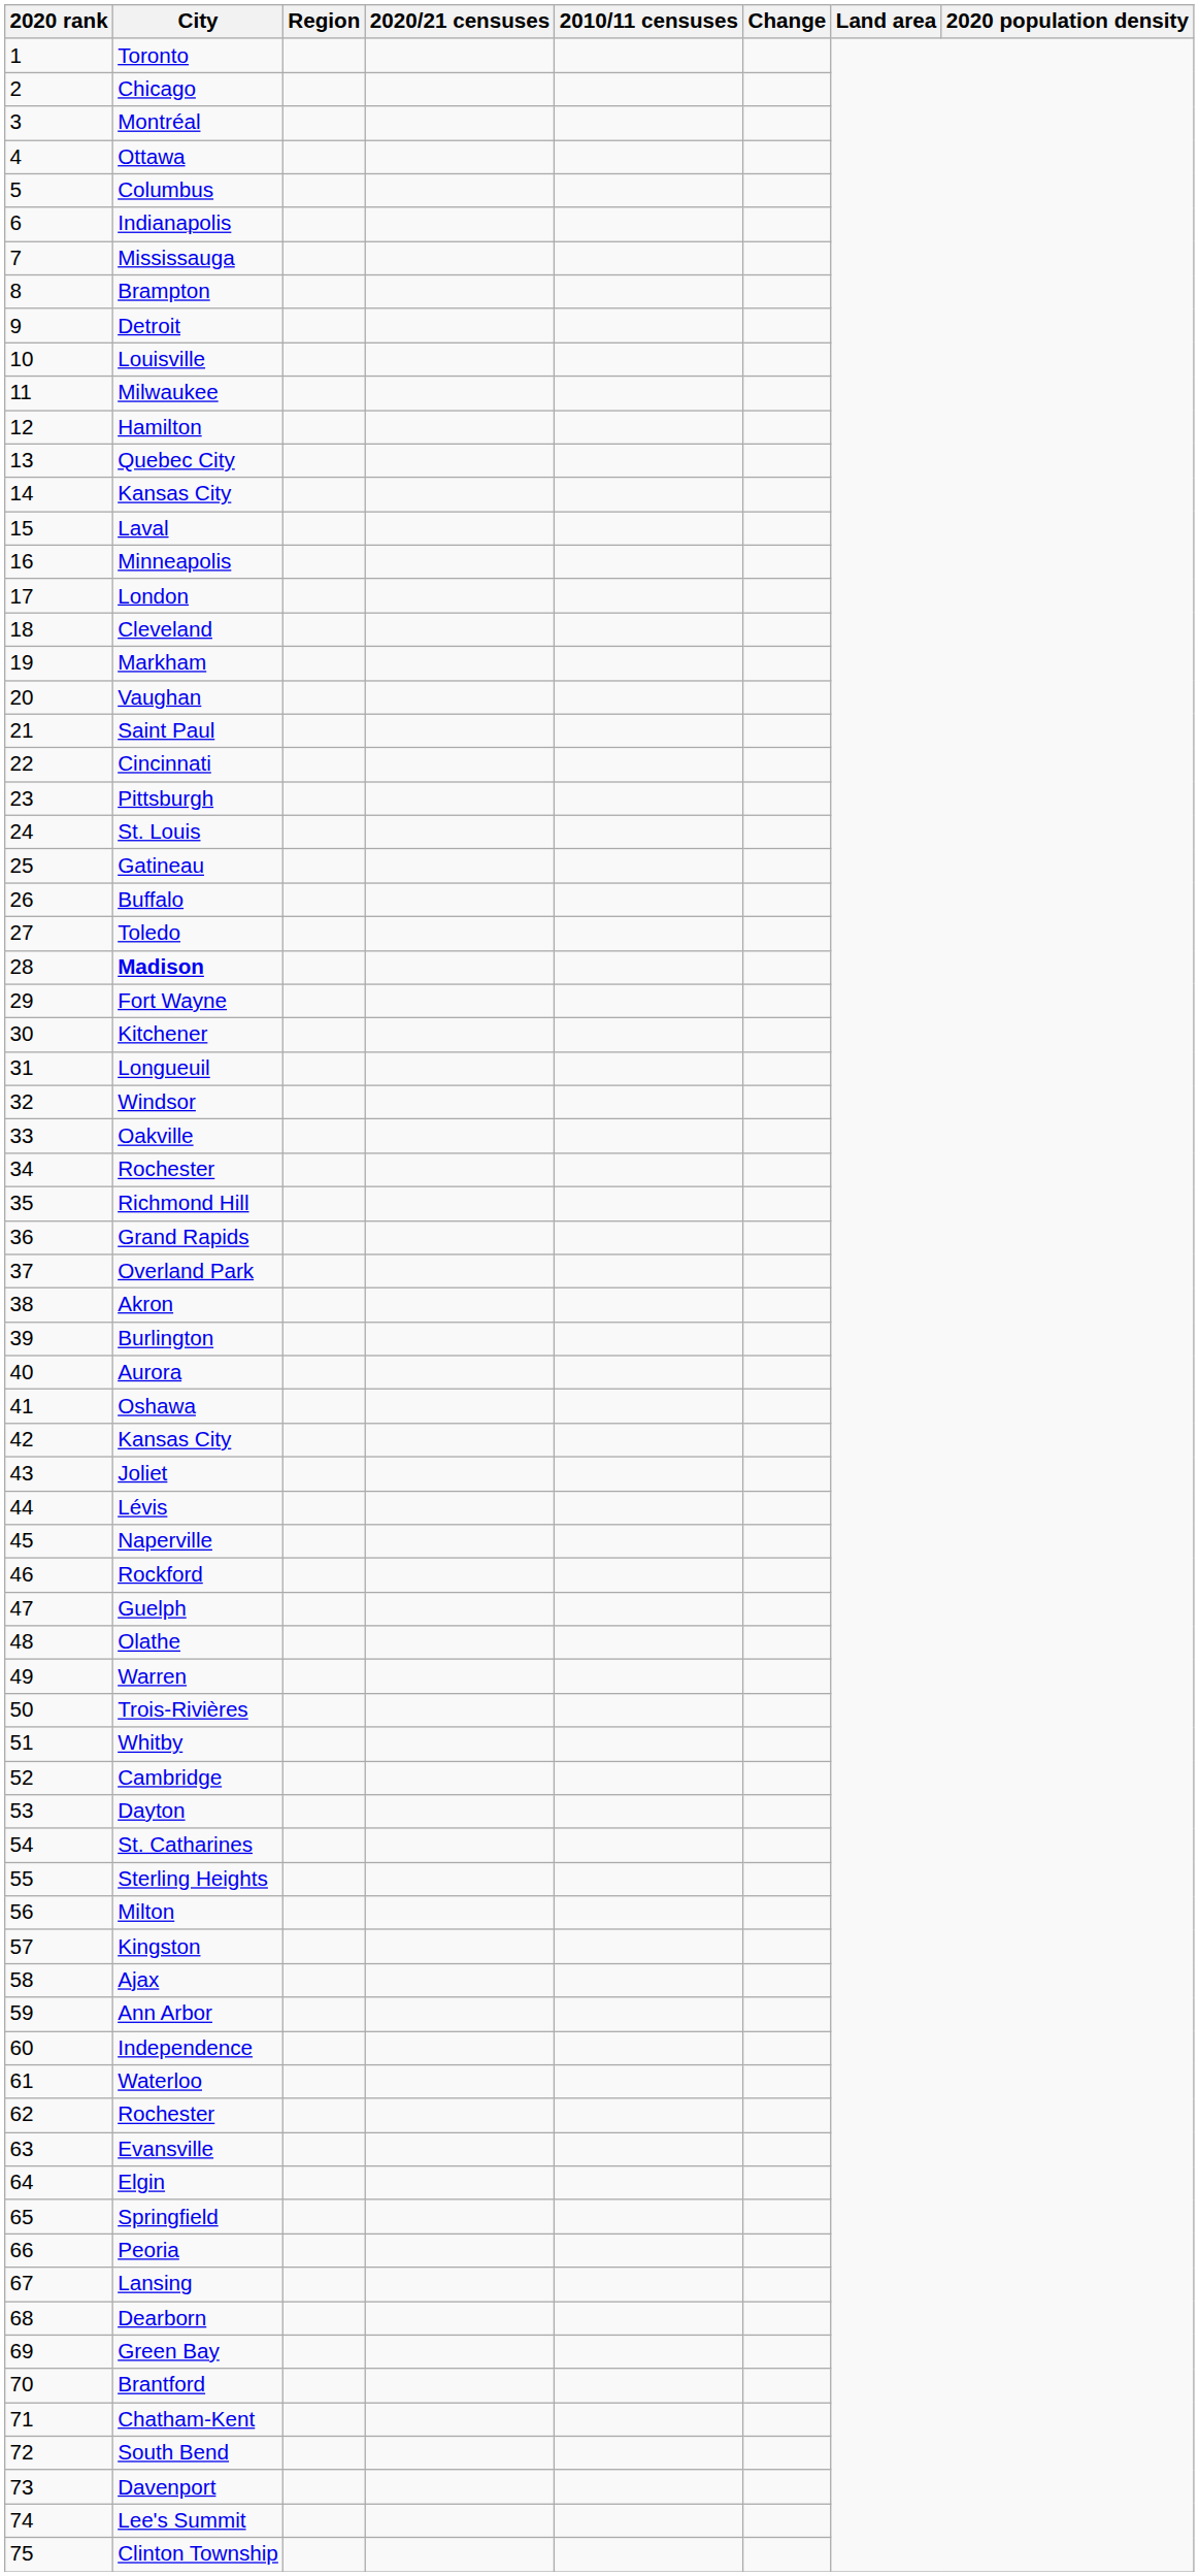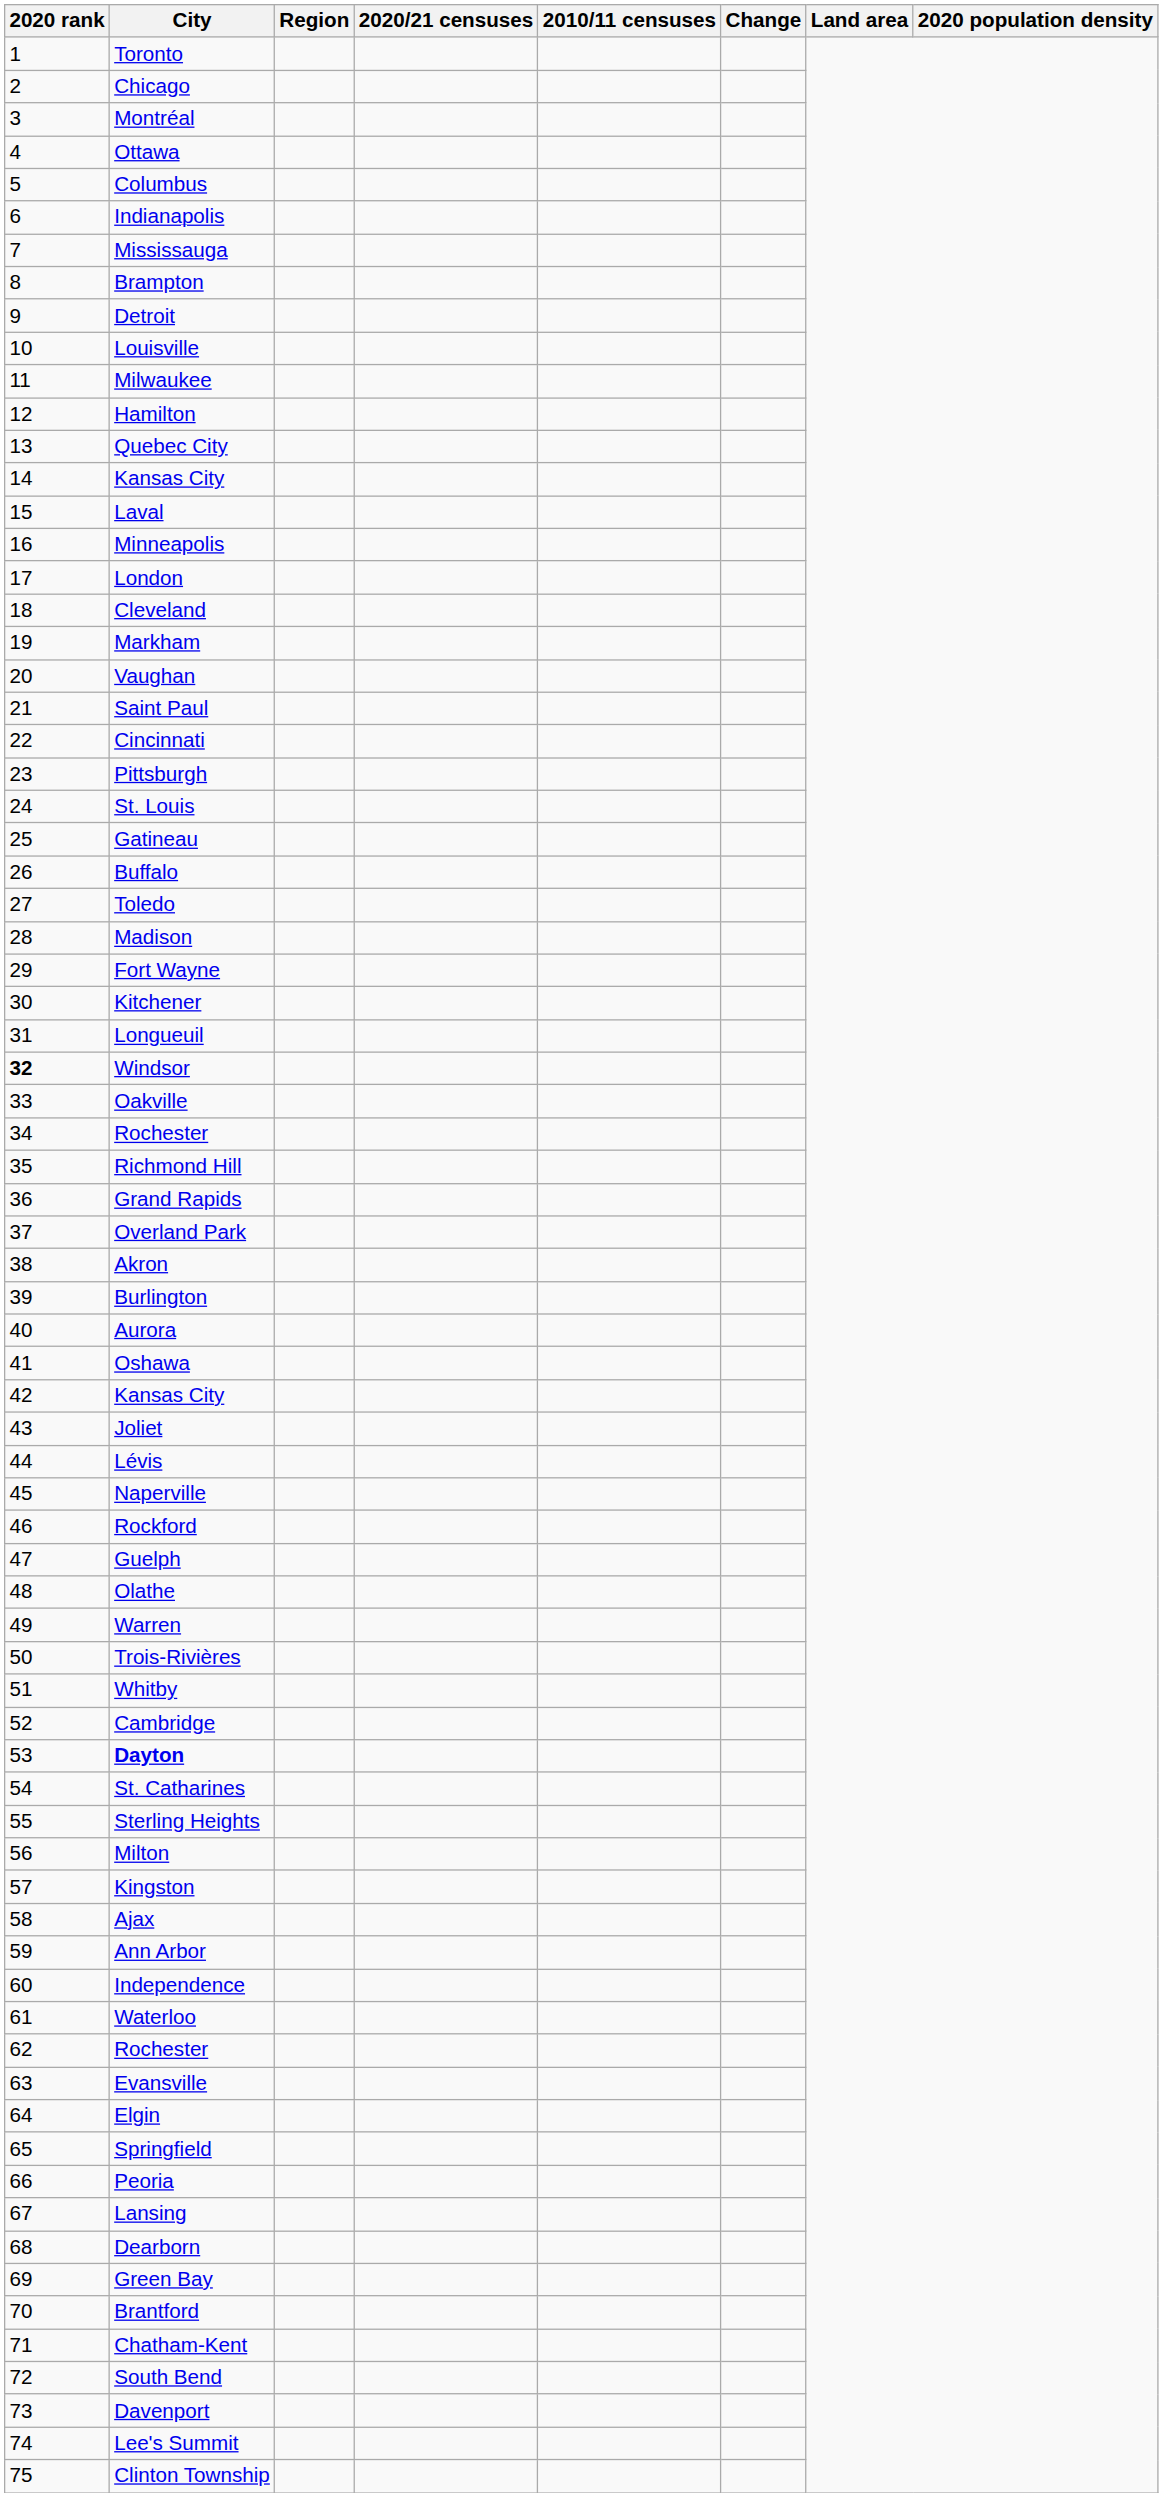 <table class="wikitable sortable">
 <tr>
 <th>2020 rank</th>
 <th>City</th>
 <th>Region</th>
 <th>2020/21 censuses</th>
 <th>2010/11 censuses</th>
 <th>Change</th>
 <th>Land area</th>
 <th>2020 population density</th>
 </tr>
 <tr>
 <td>1</td>
 <td><a href='#'>Toronto</a></td>
 <td></td>
 <td></td>
 <td></td>
 <td></td>
 </tr>
 <tr>
 <td>2</td>
 <td><a href='#'>Chicago</a></td>
 <td></td>
 <td></td>
 <td></td>
 <td></td>
 </tr>
 <tr>
 <td>3</td>
 <td><a href='#'>Montréal</a></td>
 <td></td>
 <td></td>
 <td></td>
 <td></td>
 </tr>
 <tr>
 <td>4</td>
 <td><a href='#'>Ottawa</a></td>
 <td></td>
 <td></td>
 <td></td>
 <td></td>
 </tr>
 <tr>
 <td>5</td>
 <td><a href='#'>Columbus</a></td>
 <td></td>
 <td></td>
 <td></td>
 <td></td>
 </tr>
 <tr>
 <td>6</td>
 <td><a href='#'>Indianapolis</a></td>
 <td></td>
 <td></td>
 <td></td>
 <td></td>
 </tr>
 <tr>
 <td>7</td>
 <td><a href='#'>Mississauga</a></td>
 <td></td>
 <td></td>
 <td></td>
 <td></td>
 </tr>
 <tr>
 <td>8</td>
 <td><a href='#'>Brampton</a></td>
 <td></td>
 <td></td>
 <td></td>
 <td></td>
 </tr>
 <tr>
 <td>9</td>
 <td><a href='#'>Detroit</a></td>
 <td></td>
 <td></td>
 <td></td>
 <td></td>
 </tr>
 <tr>
 <td>10</td>
 <td><a href='#'>Louisville</a></td>
 <td></td>
 <td></td>
 <td></td>
 <td></td>
 </tr>
 <tr>
 <td>11</td>
 <td><a href='#'>Milwaukee</a></td>
 <td></td>
 <td></td>
 <td></td>
 <td></td>
 </tr>
 <tr>
 <td>12</td>
 <td><a href='#'>Hamilton</a></td>
 <td></td>
 <td></td>
 <td></td>
 <td></td>
 </tr>
 <tr>
 <td>13</td>
 <td><a href='#'>Quebec City</a></td>
 <td></td>
 <td></td>
 <td></td>
 <td></td>
 </tr>
 <tr>
 <td>14</td>
 <td><a href='#'>Kansas City</a></td>
 <td></td>
 <td></td>
 <td></td>
 <td></td>
 </tr>
 <tr>
 <td>15</td>
 <td><a href='#'>Laval</a></td>
 <td></td>
 <td></td>
 <td></td>
 <td></td>
 </tr>
 <tr>
 <td>16</td>
 <td><a href='#'>Minneapolis</a></td>
 <td></td>
 <td></td>
 <td></td>
 <td></td>
 </tr>
 <tr>
 <td>17</td>
 <td><a href='#'>London</a></td>
 <td></td>
 <td></td>
 <td></td>
 <td></td>
 </tr>
 <tr>
 <td>18</td>
 <td><a href='#'>Cleveland</a></td>
 <td></td>
 <td></td>
 <td></td>
 <td></td>
 </tr>
 <tr>
 <td>19</td>
 <td><a href='#'>Markham</a></td>
 <td></td>
 <td></td>
 <td></td>
 <td></td>
 </tr>
 <tr>
 <td>20</td>
 <td><a href='#'>Vaughan</a></td>
 <td></td>
 <td></td>
 <td></td>
 <td></td>
 </tr>
 <tr>
 <td>21</td>
 <td><a href='#'>Saint Paul</a></td>
 <td></td>
 <td></td>
 <td></td>
 <td></td>
 </tr>
 <tr>
 <td>22</td>
 <td><a href='#'>Cincinnati</a></td>
 <td></td>
 <td></td>
 <td></td>
 <td></td>
 </tr>
 <tr>
 <td>23</td>
 <td><a href='#'>Pittsburgh</a></td>
 <td></td>
 <td></td>
 <td></td>
 <td></td>
 </tr>
 <tr>
 <td>24</td>
 <td><a href='#'>St. Louis</a></td>
 <td></td>
 <td></td>
 <td></td>
 <td></td>
 </tr>
 <tr>
 <td>25</td>
 <td><a href='#'>Gatineau</a></td>
 <td></td>
 <td></td>
 <td></td>
 <td></td>
 </tr>
 <tr>
 <td>26</td>
 <td><a href='#'>Buffalo</a></td>
 <td></td>
 <td></td>
 <td></td>
 <td></td>
 </tr>
 <tr>
 <td>27</td>
 <td><a href='#'>Toledo</a></td>
 <td></td>
 <td></td>
 <td></td>
 <td></td>
 </tr>
 <tr>
 <td>28</td>
-<td><strong><a href='#'>Madison</a></strong></td>
+<td><a href='#'>Madison</a></td>
 <td></td>
 <td></td>
 <td></td>
 <td></td>
 </tr>
 <tr>
 <td>29</td>
 <td><a href='#'>Fort Wayne</a></td>
 <td></td>
 <td></td>
 <td></td>
 <td></td>
 </tr>
 <tr>
 <td>30</td>
 <td><a href='#'>Kitchener</a></td>
 <td></td>
 <td></td>
 <td></td>
 <td></td>
 </tr>
 <tr>
 <td>31</td>
 <td><a href='#'>Longueuil</a></td>
 <td></td>
 <td></td>
 <td></td>
 <td></td>
 </tr>
 <tr>
-<td>32</td>
+<td><strong>32</strong></td>
 <td><a href='#'>Windsor</a></td>
 <td></td>
 <td></td>
 <td></td>
 <td></td>
 </tr>
 <tr>
 <td>33</td>
 <td><a href='#'>Oakville</a></td>
 <td></td>
 <td></td>
 <td></td>
 <td></td>
 </tr>
 <tr>
 <td>34</td>
 <td><a href='#'>Rochester</a></td>
 <td></td>
 <td></td>
 <td></td>
 <td></td>
 </tr>
 <tr>
 <td>35</td>
 <td><a href='#'>Richmond Hill</a></td>
 <td></td>
 <td></td>
 <td></td>
 <td></td>
 </tr>
 <tr>
 <td>36</td>
 <td><a href='#'>Grand Rapids</a></td>
 <td></td>
 <td></td>
 <td></td>
 <td></td>
 </tr>
 <tr>
 <td>37</td>
 <td><a href='#'>Overland Park</a></td>
 <td></td>
 <td></td>
 <td></td>
 <td></td>
 </tr>
 <tr>
 <td>38</td>
 <td><a href='#'>Akron</a></td>
 <td></td>
 <td></td>
 <td></td>
 <td></td>
 </tr>
 <tr>
 <td>39</td>
 <td><a href='#'>Burlington</a></td>
 <td></td>
 <td></td>
 <td></td>
 <td></td>
 </tr>
 <tr>
 <td>40</td>
 <td><a href='#'>Aurora</a></td>
 <td></td>
 <td></td>
 <td></td>
 <td></td>
 </tr>
 <tr>
 <td>41</td>
 <td><a href='#'>Oshawa</a></td>
 <td></td>
 <td></td>
 <td></td>
 <td></td>
 </tr>
 <tr>
 <td>42</td>
 <td><a href='#'>Kansas City</a></td>
 <td></td>
 <td></td>
 <td></td>
 <td></td>
 </tr>
 <tr>
 <td>43</td>
 <td><a href='#'>Joliet</a></td>
 <td></td>
 <td></td>
 <td></td>
 <td></td>
 </tr>
 <tr>
 <td>44</td>
 <td><a href='#'>Lévis</a></td>
 <td></td>
 <td></td>
 <td></td>
 <td></td>
 </tr>
 <tr>
 <td>45</td>
 <td><a href='#'>Naperville</a></td>
 <td></td>
 <td></td>
 <td></td>
 <td></td>
 </tr>
 <tr>
 <td>46</td>
 <td><a href='#'>Rockford</a></td>
 <td></td>
 <td></td>
 <td></td>
 <td></td>
 </tr>
 <tr>
 <td>47</td>
 <td><a href='#'>Guelph</a></td>
 <td></td>
 <td></td>
 <td></td>
 <td></td>
 </tr>
 <tr>
 <td>48</td>
 <td><a href='#'>Olathe</a></td>
 <td></td>
 <td></td>
 <td></td>
 <td></td>
 </tr>
 <tr>
 <td>49</td>
 <td><a href='#'>Warren</a></td>
 <td></td>
 <td></td>
 <td></td>
 <td></td>
 </tr>
 <tr>
 <td>50</td>
 <td><a href='#'>Trois-Rivières</a></td>
 <td></td>
 <td></td>
 <td></td>
 <td></td>
 </tr>
 <tr>
 <td>51</td>
 <td><a href='#'>Whitby</a></td>
 <td></td>
 <td></td>
 <td></td>
 <td></td>
 </tr>
 <tr>
 <td>52</td>
 <td><a href='#'>Cambridge</a></td>
 <td></td>
 <td></td>
 <td></td>
 <td></td>
 </tr>
 <tr>
 <td>53</td>
-<td><a href='#'>Dayton</a></td>
+<td><strong><a href='#'>Dayton</a></strong></td>
 <td></td>
 <td></td>
 <td></td>
 <td></td>
 </tr>
 <tr>
 <td>54</td>
 <td><a href='#'>St. Catharines</a></td>
 <td></td>
 <td></td>
 <td></td>
 <td></td>
 </tr>
 <tr>
 <td>55</td>
 <td><a href='#'>Sterling Heights</a></td>
 <td></td>
 <td></td>
 <td></td>
 <td></td>
 </tr>
 <tr>
 <td>56</td>
 <td><a href='#'>Milton</a></td>
 <td></td>
 <td></td>
 <td></td>
 <td></td>
 </tr>
 <tr>
 <td>57</td>
 <td><a href='#'>Kingston</a></td>
 <td></td>
 <td></td>
 <td></td>
 <td></td>
 </tr>
 <tr>
 <td>58</td>
 <td><a href='#'>Ajax</a></td>
 <td></td>
 <td></td>
 <td></td>
 <td></td>
 </tr>
 <tr>
 <td>59</td>
 <td><a href='#'>Ann Arbor</a></td>
 <td></td>
 <td></td>
 <td></td>
 <td></td>
 </tr>
 <tr>
 <td>60</td>
 <td><a href='#'>Independence</a></td>
 <td></td>
 <td></td>
 <td></td>
 <td></td>
 </tr>
 <tr>
 <td>61</td>
 <td><a href='#'>Waterloo</a></td>
 <td></td>
 <td></td>
 <td></td>
 <td></td>
 </tr>
 <tr>
 <td>62</td>
 <td><a href='#'>Rochester</a></td>
 <td></td>
 <td></td>
 <td></td>
 <td></td>
 </tr>
 <tr>
 <td>63</td>
 <td><a href='#'>Evansville</a></td>
 <td></td>
 <td></td>
 <td></td>
 <td></td>
 </tr>
 <tr>
 <td>64</td>
 <td><a href='#'>Elgin</a></td>
 <td></td>
 <td></td>
 <td></td>
 <td></td>
 </tr>
 <tr>
 <td>65</td>
 <td><a href='#'>Springfield</a></td>
 <td></td>
 <td></td>
 <td></td>
 <td></td>
 </tr>
 <tr>
 <td>66</td>
 <td><a href='#'>Peoria</a></td>
 <td></td>
 <td></td>
 <td></td>
 <td></td>
 </tr>
 <tr>
 <td>67</td>
 <td><a href='#'>Lansing</a></td>
 <td></td>
 <td></td>
 <td></td>
 <td></td>
 </tr>
 <tr>
 <td>68</td>
 <td><a href='#'>Dearborn</a></td>
 <td></td>
 <td></td>
 <td></td>
 <td></td>
 </tr>
 <tr>
 <td>69</td>
 <td><a href='#'>Green Bay</a></td>
 <td></td>
 <td></td>
 <td></td>
 <td></td>
 </tr>
 <tr>
 <td>70</td>
 <td><a href='#'>Brantford</a></td>
 <td></td>
 <td></td>
 <td></td>
 <td></td>
 </tr>
 <tr>
 <td>71</td>
 <td><a href='#'>Chatham-Kent</a></td>
 <td></td>
 <td></td>
 <td></td>
 <td></td>
 </tr>
 <tr>
 <td>72</td>
 <td><a href='#'>South Bend</a></td>
 <td></td>
 <td></td>
 <td></td>
 <td></td>
 </tr>
 <tr>
 <td>73</td>
 <td><a href='#'>Davenport</a></td>
 <td></td>
 <td></td>
 <td></td>
 <td></td>
 </tr>
 <tr>
 <td>74</td>
 <td><a href='#'>Lee's Summit</a></td>
 <td></td>
 <td></td>
 <td></td>
 <td></td>
 </tr>
 <tr>
 <td>75</td>
 <td><a href='#'>Clinton Township</a></td>
 <td></td>
 <td></td>
 <td></td>
 <td></td>
 </tr>
 </table>
